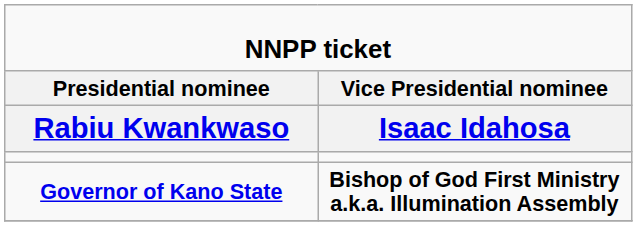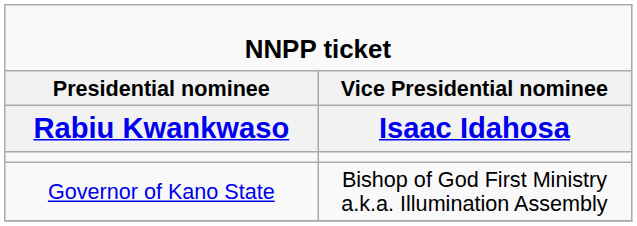 <table class="wikitable" style="font-size:90%; text-align:center;">
 <tr>
 <td colspan="5" style="background:"><br><big><strong>NNPP ticket</strong></big></td>
 </tr>
 <tr>
 <th>Presidential nominee</th>
 <th>Vice Presidential nominee</th>
 </tr>
 <tr>
 <th style="width:3em; font-size:135%; width:200px;"><a href='#'>Rabiu Kwankwaso</a></th>
 <th style="width:3em; font-size:135%; width:200px;"><a href='#'>Isaac Idahosa</a></th>
 </tr>
 <tr>
 <td></td>
 <td></td>
 </tr>
 <tr>
-<td><strong><a href='#'>Governor of Kano State</a><br></strong></td>
-<td><strong>Bishop of God First Ministry a.k.a. Illumination Assembly<br></strong></td>
+<td><a href='#'>Governor of Kano State</a><br></td>
+<td>Bishop of God First Ministry a.k.a. Illumination Assembly<br></td>
 </tr>
 <tr>
 </tr>
 </table>
